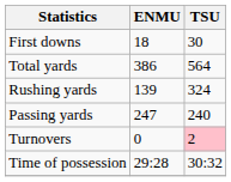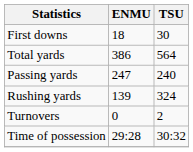 <table class="wikitable">
 <tr>
 <th>Statistics</th>
 <th>ENMU</th>
 <th>TSU</th>
 </tr>
 <tr>
 <td>First downs</td>
 <td>18</td>
 <td>30</td>
 </tr>
 <tr>
 <td>Total yards</td>
 <td>386</td>
 <td>564</td>
 </tr>
 <tr>
+<td>Passing yards</td>
+<td>247</td>
+<td>240</td>
+</tr>
+<tr>
 <td>Rushing yards</td>
 <td>139</td>
 <td>324</td>
 </tr>
 <tr>
-<td>Passing yards</td>
-<td>247</td>
-<td>240</td>
-</tr>
-<tr>
 <td>Turnovers</td>
 <td>0</td>
-<td style="background: pink;">2</td>
+<td>2</td>
 </tr>
 <tr>
 <td>Time of possession</td>
 <td>29:28</td>
 <td>30:32</td>
 </tr>
 <tr>
 </tr>
 </table>
